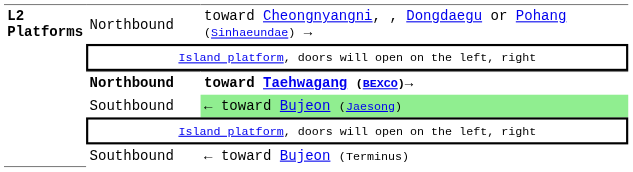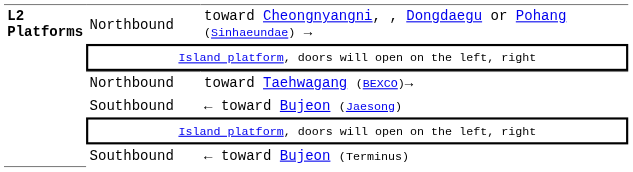 <table table border=0 cellspacing=0 cellpadding=3>
 <tr>
 <td style="border-top:solid 1px gray;border-bottom:solid 1px gray;" width=50 rowspan=10 valign=top><strong>L2<br>Platforms</strong></td>
 <td style="border-bottom:solid 0px gray;border-top:solid 1px gray;" width=100>Northbound</td>
 <td style="border-bottom:solid 0px gray;border-top:solid 1px gray;" width=390>  toward <a href='#'>Cheongnyangni</a>, , <a href='#'>Dongdaegu</a> or <a href='#'>Pohang</a> <small>(<a href='#'>Sinhaeundae</a>)</small> →</td>
 </tr>
 <tr>
 <td style="border-top:solid 2px black;border-right:solid 2px black;border-left:solid 2px black;border-bottom:solid 2px black;text-align:center;" colspan=2><small><a href='#'>Island platform</a>, doors will open on the left, right</small></td>
 </tr>
 <tr>
-<td style="border-bottom:solid 0px gray;border-top:solid 1px gray;" width=100><strong>Northbound</strong></td>
-<td style="border-bottom:solid 0px gray;border-top:solid 1px gray;" width=390><strong>  toward <a href='#'>Taehwagang</a> <small>(<a href='#'>BEXCO</a>)</small>→</strong></td>
+<td style="border-bottom:solid 0px gray;border-top:solid 1px gray;" width=100>Northbound</td>
+<td style="border-bottom:solid 0px gray;border-top:solid 1px gray;" width=390>  toward <a href='#'>Taehwagang</a> <small>(<a href='#'>BEXCO</a>)</small>→</td>
 </tr>
 <tr>
 <td>Southbound</td>
-<td style="background: lightgreen;">←  toward <a href='#'>Bujeon</a> <small>(<a href='#'>Jaesong</a>)</small></td>
+<td>←  toward <a href='#'>Bujeon</a> <small>(<a href='#'>Jaesong</a>)</small></td>
 </tr>
 <tr>
 <td style="border-top:solid 2px black;border-right:solid 2px black;border-left:solid 2px black;border-bottom:solid 2px black;text-align:center;" colspan=2><small><a href='#'>Island platform</a>, doors will open on the left, right</small></td>
 </tr>
 <tr>
 <td>Southbound</td>
 <td>←  toward <a href='#'>Bujeon</a> <small>(Terminus)</small></td>
 </tr>
 </table>
